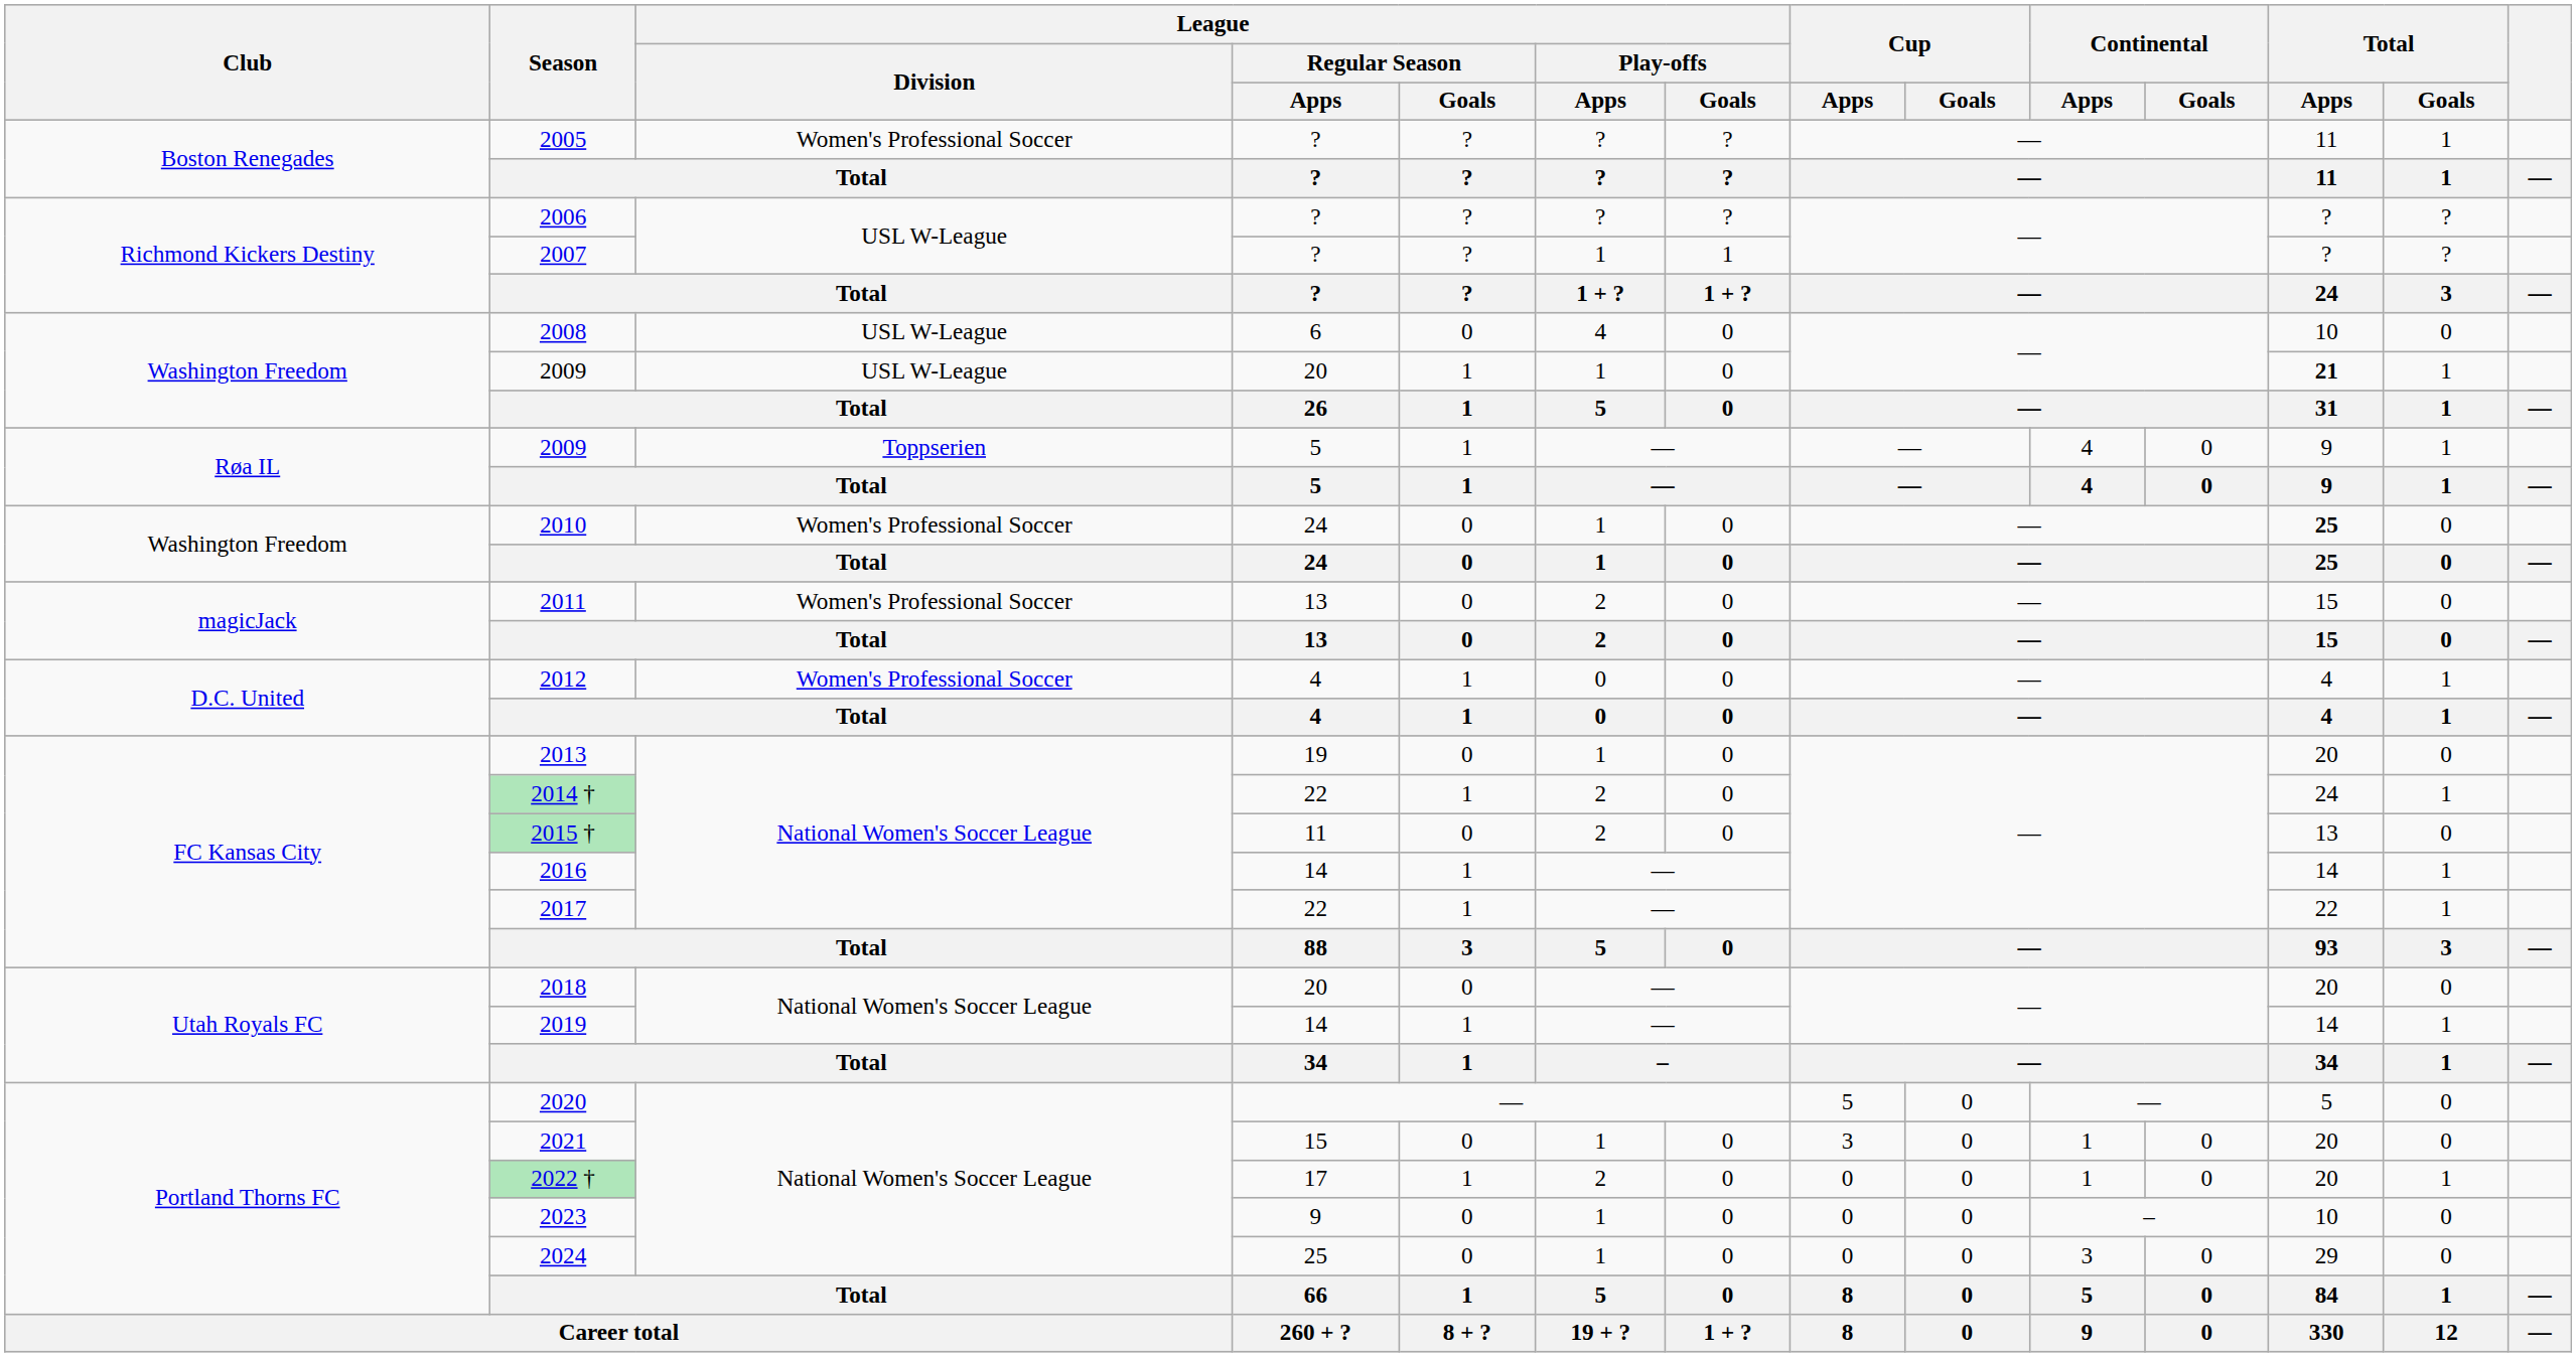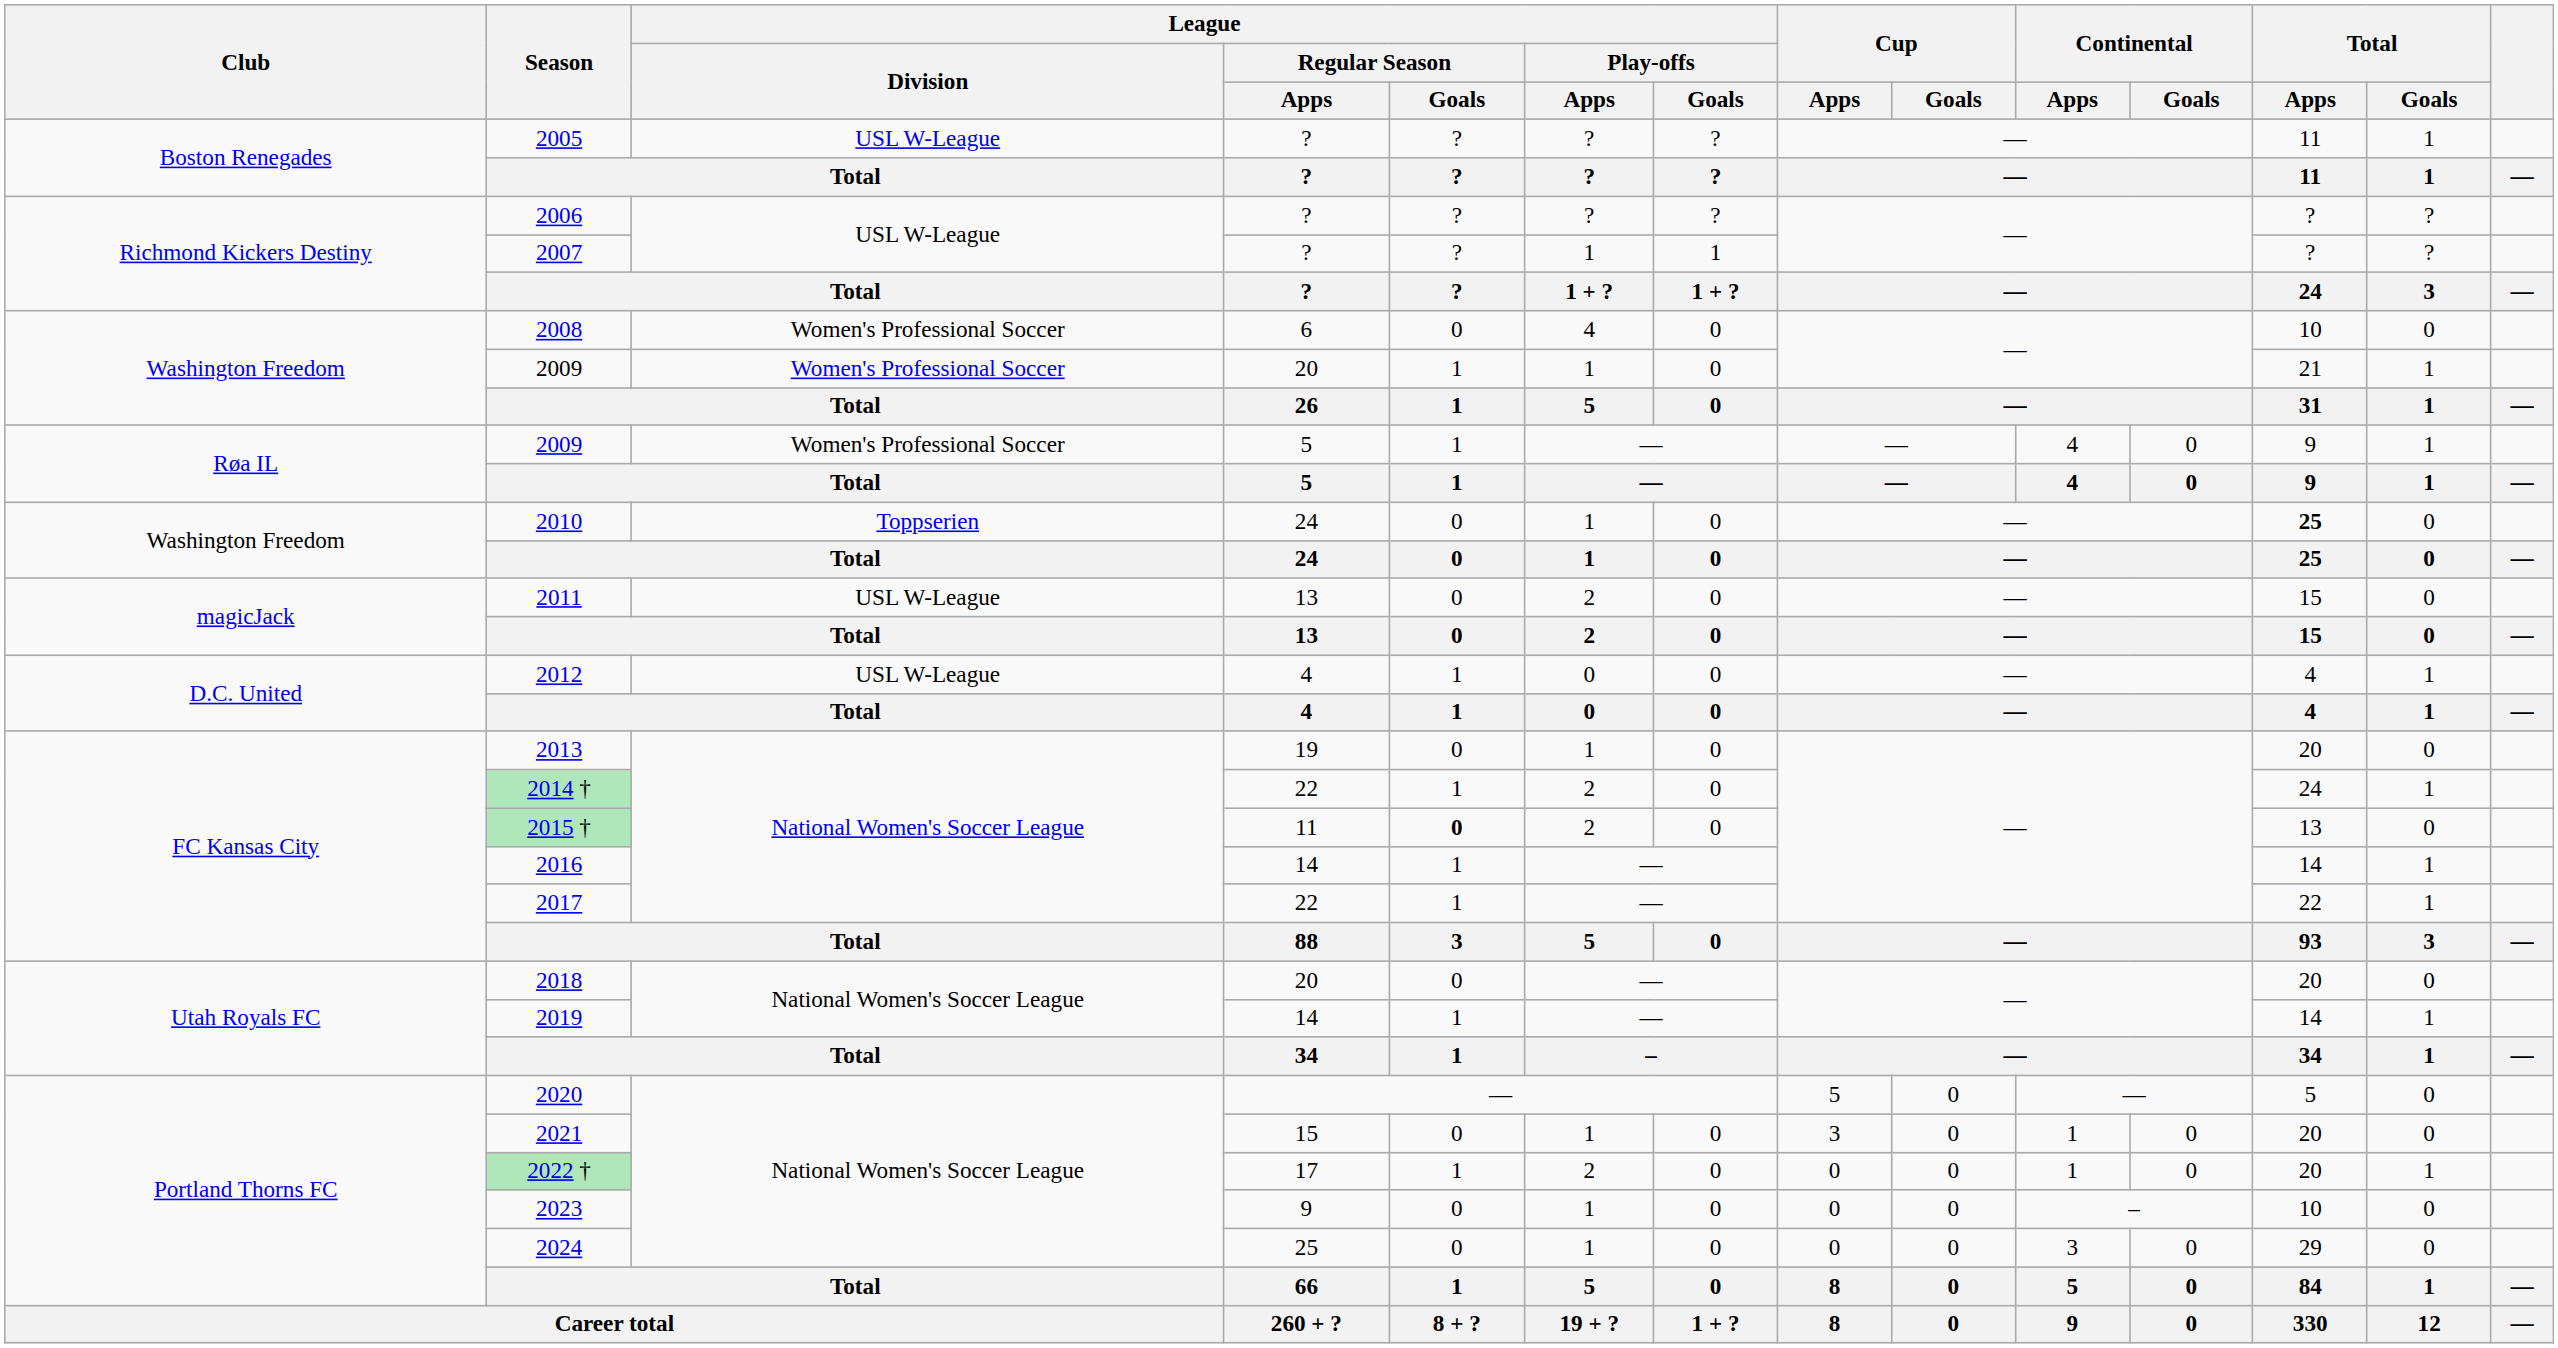 <table class="wikitable" style="text-align:center; width:100%; font-size:90%;">
 <tr>
 <th rowspan=3>Club</th>
 <th rowspan=3>Season</th>
 <th colspan=5>League</th>
 <th colspan=2 rowspan=2>Cup</th>
 <th colspan=2 rowspan=2>Continental</th>
 <th colspan=2 rowspan=2>Total</th>
 <th colspan=2 rowspan=3></th>
 </tr>
 <tr>
 <th rowspan=2>Division</th>
 <th colspan=2>Regular Season</th>
 <th colspan=2>Play-offs</th>
 </tr>
 <tr>
 <th>Apps</th>
 <th>Goals</th>
 <th>Apps</th>
 <th>Goals</th>
 <th>Apps</th>
 <th>Goals</th>
 <th>Apps</th>
 <th>Goals</th>
 <th>Apps</th>
 <th>Goals</th>
 </tr>
 <tr>
 <td rowspan=2><a href='#'>Boston Renegades</a></td>
 <td><a href='#'>2005</a></td>
-<td>Women's Professional Soccer</td>
+<td><a href='#'>USL W-League</a></td>
 <td>?</td>
 <td>?</td>
 <td>?</td>
 <td>?</td>
 <td colspan=4>—</td>
 <td>11</td>
 <td>1</td>
 <td></td>
 </tr>
 <tr>
 <th colspan=2>Total</th>
 <th>?</th>
 <th>?</th>
 <th>?</th>
 <th>?</th>
 <th colspan=4>—</th>
 <th>11</th>
 <th>1</th>
 <th>—</th>
 </tr>
 <tr>
 <td rowspan=3><a href='#'>Richmond Kickers Destiny</a></td>
 <td><a href='#'>2006</a></td>
 <td rowspan=2>USL W-League</td>
 <td>?</td>
 <td>?</td>
 <td>?</td>
 <td>?</td>
 <td rowspan=2 colspan=4>—</td>
 <td>?</td>
 <td>?</td>
 <td></td>
 </tr>
 <tr>
 <td><a href='#'>2007</a></td>
 <td>?</td>
 <td>?</td>
 <td>1</td>
 <td>1</td>
 <td>?</td>
 <td>?</td>
 <td></td>
 </tr>
 <tr>
 <th colspan=2>Total</th>
 <th>?</th>
 <th>?</th>
 <th>1 + ?</th>
 <th>1 + ?</th>
 <th colspan=4>—</th>
 <th>24</th>
 <th>3</th>
 <th>—</th>
 </tr>
 <tr>
 <td rowspan=3><a href='#'>Washington Freedom</a></td>
 <td><a href='#'>2008</a></td>
-<td>USL W-League</td>
+<td>Women's Professional Soccer</td>
 <td>6</td>
 <td>0</td>
 <td>4</td>
 <td>0</td>
 <td rowspan=2 colspan=4>—</td>
 <td>10</td>
 <td>0</td>
 <td></td>
 </tr>
 <tr>
 <td>2009</td>
-<td>USL W-League</td>
+<td><a href='#'>Women's Professional Soccer</a></td>
 <td>20</td>
 <td>1</td>
 <td>1</td>
 <td>0</td>
-<td><strong>21</strong></td>
+<td>21</td>
 <td>1</td>
 <td></td>
 </tr>
 <tr>
 <th colspan=2>Total</th>
 <th>26</th>
 <th>1</th>
 <th>5</th>
 <th>0</th>
 <th colspan=4>—</th>
 <th>31</th>
 <th>1</th>
 <th>—</th>
 </tr>
 <tr>
 <td rowspan=2><a href='#'>Røa IL</a> </td>
 <td><a href='#'>2009</a></td>
-<td><a href='#'>Toppserien</a></td>
+<td>Women's Professional Soccer</td>
 <td>5</td>
 <td>1</td>
 <td colspan=2>—</td>
 <td colspan=2>—</td>
 <td>4</td>
 <td>0</td>
 <td>9</td>
 <td>1</td>
 <td></td>
 </tr>
 <tr>
 <th colspan=2>Total</th>
 <th>5</th>
 <th>1</th>
 <th colspan=2>—</th>
 <th colspan=2>—</th>
 <th>4</th>
 <th>0</th>
 <th>9</th>
 <th>1</th>
 <th>—</th>
 </tr>
 <tr>
 <td rowspan=2>Washington Freedom</td>
 <td><a href='#'>2010</a></td>
-<td>Women's Professional Soccer</td>
+<td><a href='#'>Toppserien</a></td>
 <td>24</td>
 <td>0</td>
 <td>1</td>
 <td>0</td>
 <td colspan=4>—</td>
 <td><strong>25</strong></td>
 <td>0</td>
 <td></td>
 </tr>
 <tr>
 <th colspan=2>Total</th>
 <th>24</th>
 <th>0</th>
 <th>1</th>
 <th>0</th>
 <th colspan=4>—</th>
 <th>25</th>
 <th>0</th>
 <th>—</th>
 </tr>
 <tr>
 <td rowspan=2><a href='#'>magicJack</a></td>
 <td><a href='#'>2011</a></td>
-<td>Women's Professional Soccer</td>
+<td>USL W-League</td>
 <td>13</td>
 <td>0</td>
 <td>2</td>
 <td>0</td>
 <td colspan=4>—</td>
 <td>15</td>
 <td>0</td>
 <td></td>
 </tr>
 <tr>
 <th colspan=2>Total</th>
 <th>13</th>
 <th>0</th>
 <th>2</th>
 <th>0</th>
 <th colspan=4>—</th>
 <th>15</th>
 <th>0</th>
 <th>—</th>
 </tr>
 <tr>
 <td rowspan=2><a href='#'>D.C. United</a></td>
 <td><a href='#'>2012</a></td>
-<td><a href='#'>Women's Professional Soccer</a></td>
+<td>USL W-League</td>
 <td>4</td>
 <td>1</td>
 <td>0</td>
 <td>0</td>
 <td colspan=4>—</td>
 <td>4</td>
 <td>1</td>
 <td></td>
 </tr>
 <tr>
 <th colspan=2>Total</th>
 <th>4</th>
 <th>1</th>
 <th>0</th>
 <th>0</th>
 <th colspan=4>—</th>
 <th>4</th>
 <th>1</th>
 <th>—</th>
 </tr>
 <tr>
 <td rowspan=6 valign="center"><a href='#'>FC Kansas City</a></td>
 <td><a href='#'>2013</a></td>
 <td rowspan=5><a href='#'>National Women's Soccer League</a></td>
 <td>19</td>
 <td>0</td>
 <td>1</td>
 <td>0</td>
 <td rowspan=5 colspan=4>—</td>
 <td>20</td>
 <td>0</td>
 <td></td>
 </tr>
 <tr>
 <td style="background:#afe6ba;"><a href='#'>2014</a> †</td>
 <td>22</td>
 <td>1</td>
 <td>2</td>
 <td>0</td>
 <td>24</td>
 <td>1</td>
 <td></td>
 </tr>
 <tr>
 <td style="background:#afe6ba;"><a href='#'>2015</a> †</td>
 <td>11</td>
-<td>0</td>
+<td><strong>0</strong></td>
 <td>2</td>
 <td>0</td>
 <td>13</td>
 <td>0</td>
 <td></td>
 </tr>
 <tr>
 <td><a href='#'>2016</a></td>
 <td>14</td>
 <td>1</td>
 <td colspan=2>—</td>
 <td>14</td>
 <td>1</td>
 <td></td>
 </tr>
 <tr>
 <td><a href='#'>2017</a></td>
 <td>22</td>
 <td>1</td>
 <td colspan=2>—</td>
 <td>22</td>
 <td>1</td>
 <td></td>
 </tr>
 <tr>
 <th colspan=2>Total</th>
 <th>88</th>
 <th>3</th>
 <th>5</th>
 <th>0</th>
 <th colspan=4>—</th>
 <th>93</th>
 <th>3</th>
 <th>—</th>
 </tr>
 <tr>
 <td rowspan=3 valign="center"><a href='#'>Utah Royals FC</a></td>
 <td><a href='#'>2018</a></td>
 <td rowspan=2>National Women's Soccer League</td>
 <td>20</td>
 <td>0</td>
 <td colspan=2>—</td>
 <td rowspan=2 colspan=4>—</td>
 <td>20</td>
 <td>0</td>
 <td></td>
 </tr>
 <tr>
 <td><a href='#'>2019</a></td>
 <td>14</td>
 <td>1</td>
 <td colspan=2>—</td>
 <td>14</td>
 <td>1</td>
 <td></td>
 </tr>
 <tr>
 <th colspan=2>Total</th>
 <th>34</th>
 <th>1</th>
 <th colspan=2>–</th>
 <th colspan=4>—</th>
 <th>34</th>
 <th>1</th>
 <th>—</th>
 </tr>
 <tr>
 <td rowspan=6 valign="center"><a href='#'>Portland Thorns FC</a></td>
 <td><a href='#'>2020</a></td>
 <td rowspan=5>National Women's Soccer League</td>
 <td colspan=4>—</td>
 <td>5</td>
 <td>0</td>
 <td colspan=2>—</td>
 <td>5</td>
 <td>0</td>
 <td></td>
 </tr>
 <tr>
 <td><a href='#'>2021</a></td>
 <td>15</td>
 <td>0</td>
 <td>1</td>
 <td>0</td>
 <td>3</td>
 <td>0</td>
 <td>1</td>
 <td>0</td>
 <td>20</td>
 <td>0</td>
 <td></td>
 </tr>
 <tr>
 <td style="background:#afe6ba;"><a href='#'>2022</a> †</td>
 <td>17</td>
 <td>1</td>
 <td>2</td>
 <td>0</td>
 <td>0</td>
 <td>0</td>
 <td>1</td>
 <td>0</td>
 <td>20</td>
 <td>1</td>
 <td></td>
 </tr>
 <tr>
 <td><a href='#'>2023</a></td>
 <td>9</td>
 <td>0</td>
 <td>1</td>
 <td>0</td>
 <td>0</td>
 <td>0</td>
 <td colspan=2>–</td>
 <td>10</td>
 <td>0</td>
 <td></td>
 </tr>
 <tr>
 <td><a href='#'>2024</a></td>
 <td>25</td>
 <td>0</td>
 <td>1</td>
 <td>0</td>
 <td>0</td>
 <td>0</td>
 <td>3</td>
 <td>0</td>
 <td>29</td>
 <td>0</td>
 <td></td>
 </tr>
 <tr>
 <th colspan=2>Total</th>
 <th>66</th>
 <th>1</th>
 <th>5</th>
 <th>0</th>
 <th>8</th>
 <th>0</th>
 <th>5</th>
 <th>0</th>
 <th>84</th>
 <th>1</th>
 <th>—</th>
 </tr>
 <tr>
 <th colspan=3>Career total</th>
 <th>260 + ?</th>
 <th>8 + ?</th>
 <th>19 + ?</th>
 <th>1 + ?</th>
 <th>8</th>
 <th>0</th>
 <th>9</th>
 <th>0</th>
 <th>330</th>
 <th>12</th>
 <th>—</th>
 </tr>
 </table>
